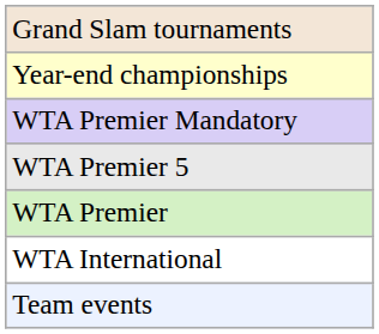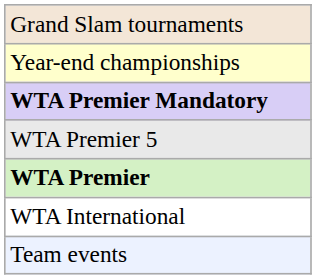 <table class=wikitable style=font-size:90%;width:15%>
 <tr style="background:#F3E6D7;">
 <td>Grand Slam tournaments</td>
 </tr>
 <tr style="background:#ffc;">
 <td>Year-end championships</td>
 </tr>
 <tr style="background:#d8cef6;">
-<td>WTA Premier Mandatory</td>
+<td><strong>WTA Premier Mandatory</strong></td>
 </tr>
 <tr style="background:#E9E9E9;">
 <td>WTA Premier 5</td>
 </tr>
 <tr style="background:#D4F1C5;">
-<td>WTA Premier</td>
+<td><strong>WTA Premier</strong></td>
 </tr>
 <tr style="background:#fff;">
 <td>WTA International</td>
 </tr>
 <tr style="background:#ECF2FF;">
 <td>Team events</td>
 </tr>
 </table>
